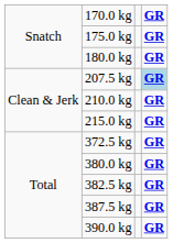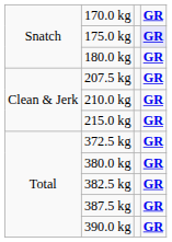 <table class = "wikitable" style="text-align:center;">
 <tr>
 <td rowspan=3>Snatch</td>
 <td>170.0 kg</td>
 <td align=left></td>
 <td><strong><a href='#'>GR</a></strong></td>
 </tr>
 <tr>
 <td>175.0 kg</td>
 <td align=left></td>
-<td><strong><a href='#'>GR</a></strong></td>
+<td style="background: lavender;"><strong><a href='#'>GR</a></strong></td>
 </tr>
 <tr>
 <td>180.0 kg</td>
 <td align=left></td>
 <td><strong><a href='#'>GR</a></strong></td>
 </tr>
 <tr>
 <td rowspan=3>Clean & Jerk</td>
 <td>207.5 kg</td>
 <td align=left></td>
-<td style="background: lightblue;"><strong><a href='#'>GR</a></strong></td>
+<td><strong><a href='#'>GR</a></strong></td>
 </tr>
 <tr>
 <td>210.0 kg</td>
 <td align=left></td>
 <td><strong><a href='#'>GR</a></strong></td>
 </tr>
 <tr>
 <td>215.0 kg</td>
 <td align=left></td>
 <td><strong><a href='#'>GR</a></strong></td>
 </tr>
 <tr>
 <td rowspan=5>Total</td>
 <td>372.5 kg</td>
 <td align=left></td>
 <td><strong><a href='#'>GR</a></strong></td>
 </tr>
 <tr>
 <td>380.0 kg</td>
 <td align=left></td>
 <td><strong><a href='#'>GR</a></strong></td>
 </tr>
 <tr>
 <td>382.5 kg</td>
 <td align=left></td>
 <td><strong><a href='#'>GR</a></strong></td>
 </tr>
 <tr>
 <td>387.5 kg</td>
 <td align=left></td>
 <td><strong><a href='#'>GR</a></strong></td>
 </tr>
 <tr>
 <td>390.0 kg</td>
 <td align=left></td>
 <td><strong><a href='#'>GR</a></strong></td>
 </tr>
 </table>
